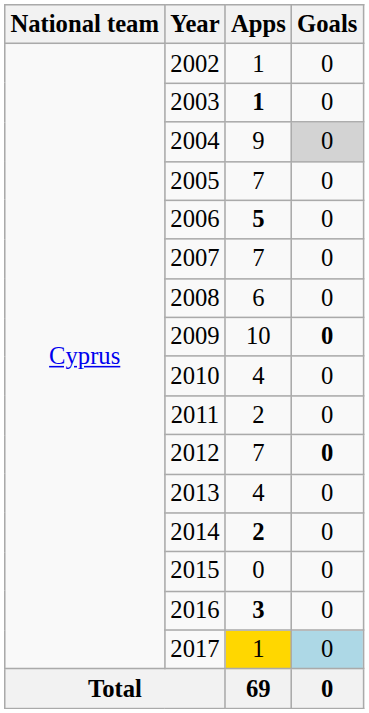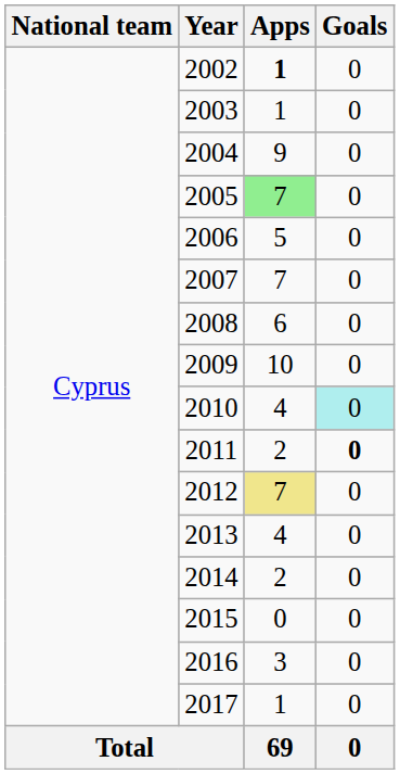 <table class="wikitable" style="text-align:center">
 <tr>
 <th>National team</th>
 <th>Year</th>
 <th>Apps</th>
 <th>Goals</th>
 </tr>
 <tr>
 <td rowspan="16"><a href='#'>Cyprus</a></td>
 <td>2002</td>
-<td>1</td>
+<td><strong>1</strong></td>
 <td>0</td>
 </tr>
 <tr>
 <td>2003</td>
-<td><strong>1</strong></td>
+<td>1</td>
 <td>0</td>
 </tr>
 <tr>
 <td>2004</td>
 <td>9</td>
-<td style="background: lightgrey;">0</td>
+<td>0</td>
 </tr>
 <tr>
 <td>2005</td>
-<td>7</td>
+<td style="background: lightgreen;">7</td>
 <td>0</td>
 </tr>
 <tr>
 <td>2006</td>
-<td><strong>5</strong></td>
+<td>5</td>
 <td>0</td>
 </tr>
 <tr>
 <td>2007</td>
 <td>7</td>
 <td>0</td>
 </tr>
 <tr>
 <td>2008</td>
 <td>6</td>
 <td>0</td>
 </tr>
 <tr>
 <td>2009</td>
 <td>10</td>
-<td><strong>0</strong></td>
+<td>0</td>
 </tr>
 <tr>
 <td>2010</td>
 <td>4</td>
-<td>0</td>
+<td style="background: paleturquoise;">0</td>
 </tr>
 <tr>
 <td>2011</td>
 <td>2</td>
-<td>0</td>
+<td><strong>0</strong></td>
 </tr>
 <tr>
 <td>2012</td>
-<td>7</td>
-<td><strong>0</strong></td>
+<td style="background: khaki;">7</td>
+<td>0</td>
 </tr>
 <tr>
 <td>2013</td>
 <td>4</td>
 <td>0</td>
 </tr>
 <tr>
 <td>2014</td>
-<td><strong>2</strong></td>
+<td>2</td>
 <td>0</td>
 </tr>
 <tr>
 <td>2015</td>
 <td>0</td>
 <td>0</td>
 </tr>
 <tr>
 <td>2016</td>
-<td><strong>3</strong></td>
+<td>3</td>
 <td>0</td>
 </tr>
 <tr>
 <td>2017</td>
-<td style="background: gold;">1</td>
-<td style="background: lightblue;">0</td>
+<td>1</td>
+<td>0</td>
 </tr>
 <tr>
 <th colspan="2">Total</th>
 <th>69</th>
 <th>0</th>
 </tr>
 </table>
